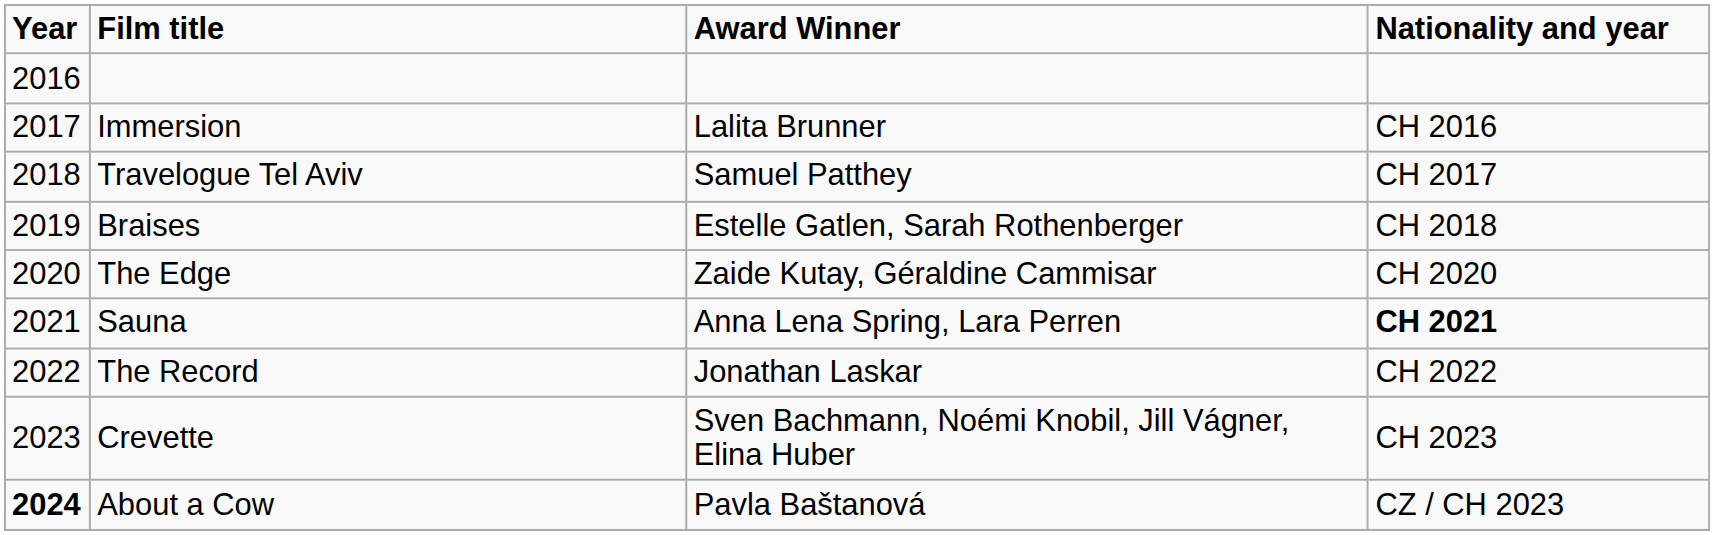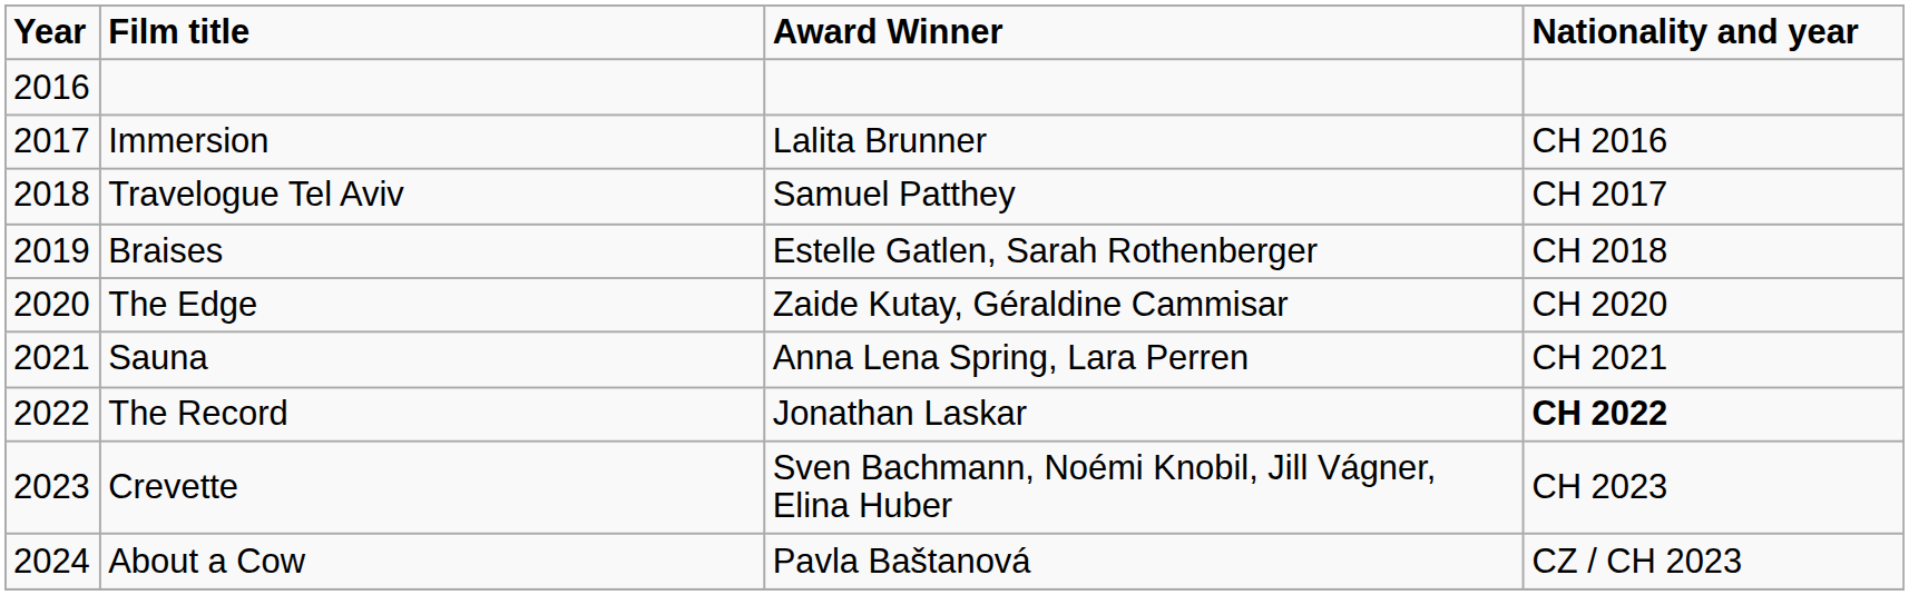 <table class="wikitable" width="100%">
 <tr>
 <td width="5%"><strong>Year</strong></td>
 <td width="35%"><strong>Film title</strong></td>
 <td width="40%"><strong>Award Winner</strong></td>
 <td width="20%"><strong>Nationality and year</strong></td>
 </tr>
 <tr>
 <td>2016</td>
 <td></td>
 <td></td>
 <td></td>
 </tr>
 <tr>
 <td>2017</td>
 <td>Immersion </td>
 <td>Lalita Brunner </td>
 <td>CH 2016</td>
 </tr>
 <tr>
 <td>2018</td>
 <td>Travelogue Tel Aviv </td>
 <td>Samuel Patthey </td>
 <td>CH 2017</td>
 </tr>
 <tr>
 <td>2019</td>
 <td>Braises </td>
 <td>Estelle Gatlen, Sarah Rothenberger </td>
 <td>CH 2018</td>
 </tr>
 <tr>
 <td>2020</td>
 <td>The Edge </td>
 <td>Zaide Kutay, Géraldine Cammisar </td>
 <td>CH 2020</td>
 </tr>
 <tr>
 <td>2021</td>
 <td>Sauna </td>
 <td>Anna Lena Spring, Lara Perren </td>
-<td><strong>CH 2021</strong></td>
+<td>CH 2021</td>
 </tr>
 <tr>
 <td>2022</td>
 <td>The Record </td>
 <td>Jonathan Laskar </td>
-<td>CH 2022</td>
+<td><strong>CH 2022</strong></td>
 </tr>
 <tr>
 <td>2023</td>
 <td>Crevette </td>
 <td>Sven Bachmann, Noémi Knobil, Jill Vágner, Elina Huber </td>
 <td>CH 2023</td>
 </tr>
 <tr>
-<td><strong>2024</strong></td>
+<td>2024</td>
 <td>About a Cow </td>
 <td>Pavla Baštanová </td>
 <td>CZ / CH 2023</td>
 </tr>
 <tr>
 </tr>
 </table>
